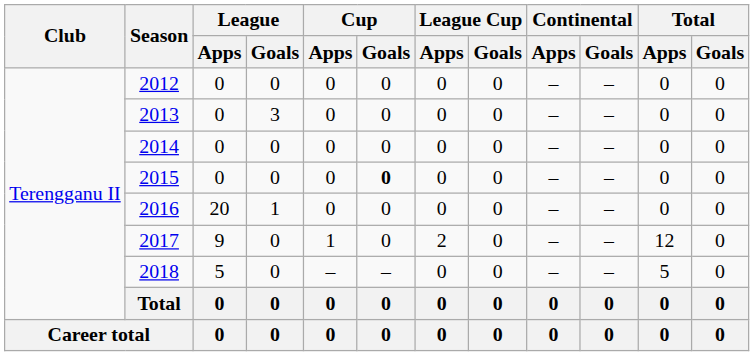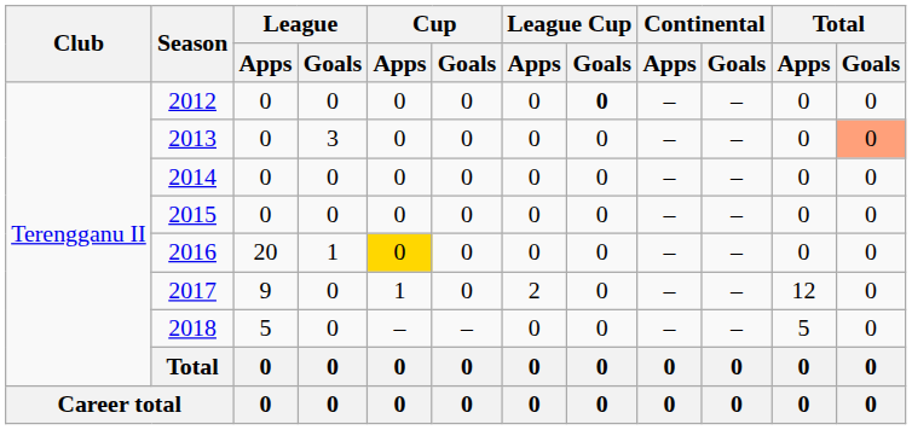 <table class="wikitable" style="text-align: center;">
 <tr>
 <th rowspan="2">Club</th>
 <th rowspan="2">Season</th>
 <th colspan="2">League</th>
 <th colspan="2">Cup</th>
 <th colspan="2">League Cup</th>
 <th colspan="2">Continental</th>
 <th colspan="2">Total</th>
 </tr>
 <tr>
 <th>Apps</th>
 <th>Goals</th>
 <th>Apps</th>
 <th>Goals</th>
 <th>Apps</th>
 <th>Goals</th>
 <th>Apps</th>
 <th>Goals</th>
 <th>Apps</th>
 <th>Goals</th>
 </tr>
 <tr>
 <td rowspan="8" valign="center"><a href='#'>Terengganu II</a></td>
 <td><a href='#'>2012</a></td>
 <td>0</td>
 <td>0</td>
 <td>0</td>
 <td>0</td>
 <td>0</td>
-<td>0</td>
+<td><strong>0</strong></td>
 <td>–</td>
 <td>–</td>
 <td>0</td>
 <td>0</td>
 </tr>
 <tr>
 <td><a href='#'>2013</a></td>
 <td>0</td>
 <td>3</td>
 <td>0</td>
 <td>0</td>
 <td>0</td>
 <td>0</td>
 <td>–</td>
 <td>–</td>
 <td>0</td>
-<td>0</td>
+<td style="background: lightsalmon;">0</td>
 </tr>
 <tr>
 <td><a href='#'>2014</a></td>
 <td>0</td>
 <td>0</td>
 <td>0</td>
 <td>0</td>
 <td>0</td>
 <td>0</td>
 <td>–</td>
 <td>–</td>
 <td>0</td>
 <td>0</td>
 </tr>
 <tr>
 <td><a href='#'>2015</a></td>
 <td>0</td>
 <td>0</td>
 <td>0</td>
-<td><strong>0</strong></td>
+<td>0</td>
 <td>0</td>
 <td>0</td>
 <td>–</td>
 <td>–</td>
 <td>0</td>
 <td>0</td>
 </tr>
 <tr>
 <td><a href='#'>2016</a></td>
 <td>20</td>
 <td>1</td>
-<td>0</td>
+<td style="background: gold;">0</td>
 <td>0</td>
 <td>0</td>
 <td>0</td>
 <td>–</td>
 <td>–</td>
 <td>0</td>
 <td>0</td>
 </tr>
 <tr>
 <td><a href='#'>2017</a></td>
 <td>9</td>
 <td>0</td>
 <td>1</td>
 <td>0</td>
 <td>2</td>
 <td>0</td>
 <td>–</td>
 <td>–</td>
 <td>12</td>
 <td>0</td>
 </tr>
 <tr>
 <td><a href='#'>2018</a></td>
 <td>5</td>
 <td>0</td>
 <td>–</td>
 <td>–</td>
 <td>0</td>
 <td>0</td>
 <td>–</td>
 <td>–</td>
 <td>5</td>
 <td>0</td>
 </tr>
 <tr>
 <th>Total</th>
 <th>0</th>
 <th>0</th>
 <th>0</th>
 <th>0</th>
 <th>0</th>
 <th>0</th>
 <th>0</th>
 <th>0</th>
 <th>0</th>
 <th>0</th>
 </tr>
 <tr>
 <th colspan=2>Career total</th>
 <th>0</th>
 <th>0</th>
 <th>0</th>
 <th>0</th>
 <th>0</th>
 <th>0</th>
 <th>0</th>
 <th>0</th>
 <th>0</th>
 <th>0</th>
 </tr>
 </table>
